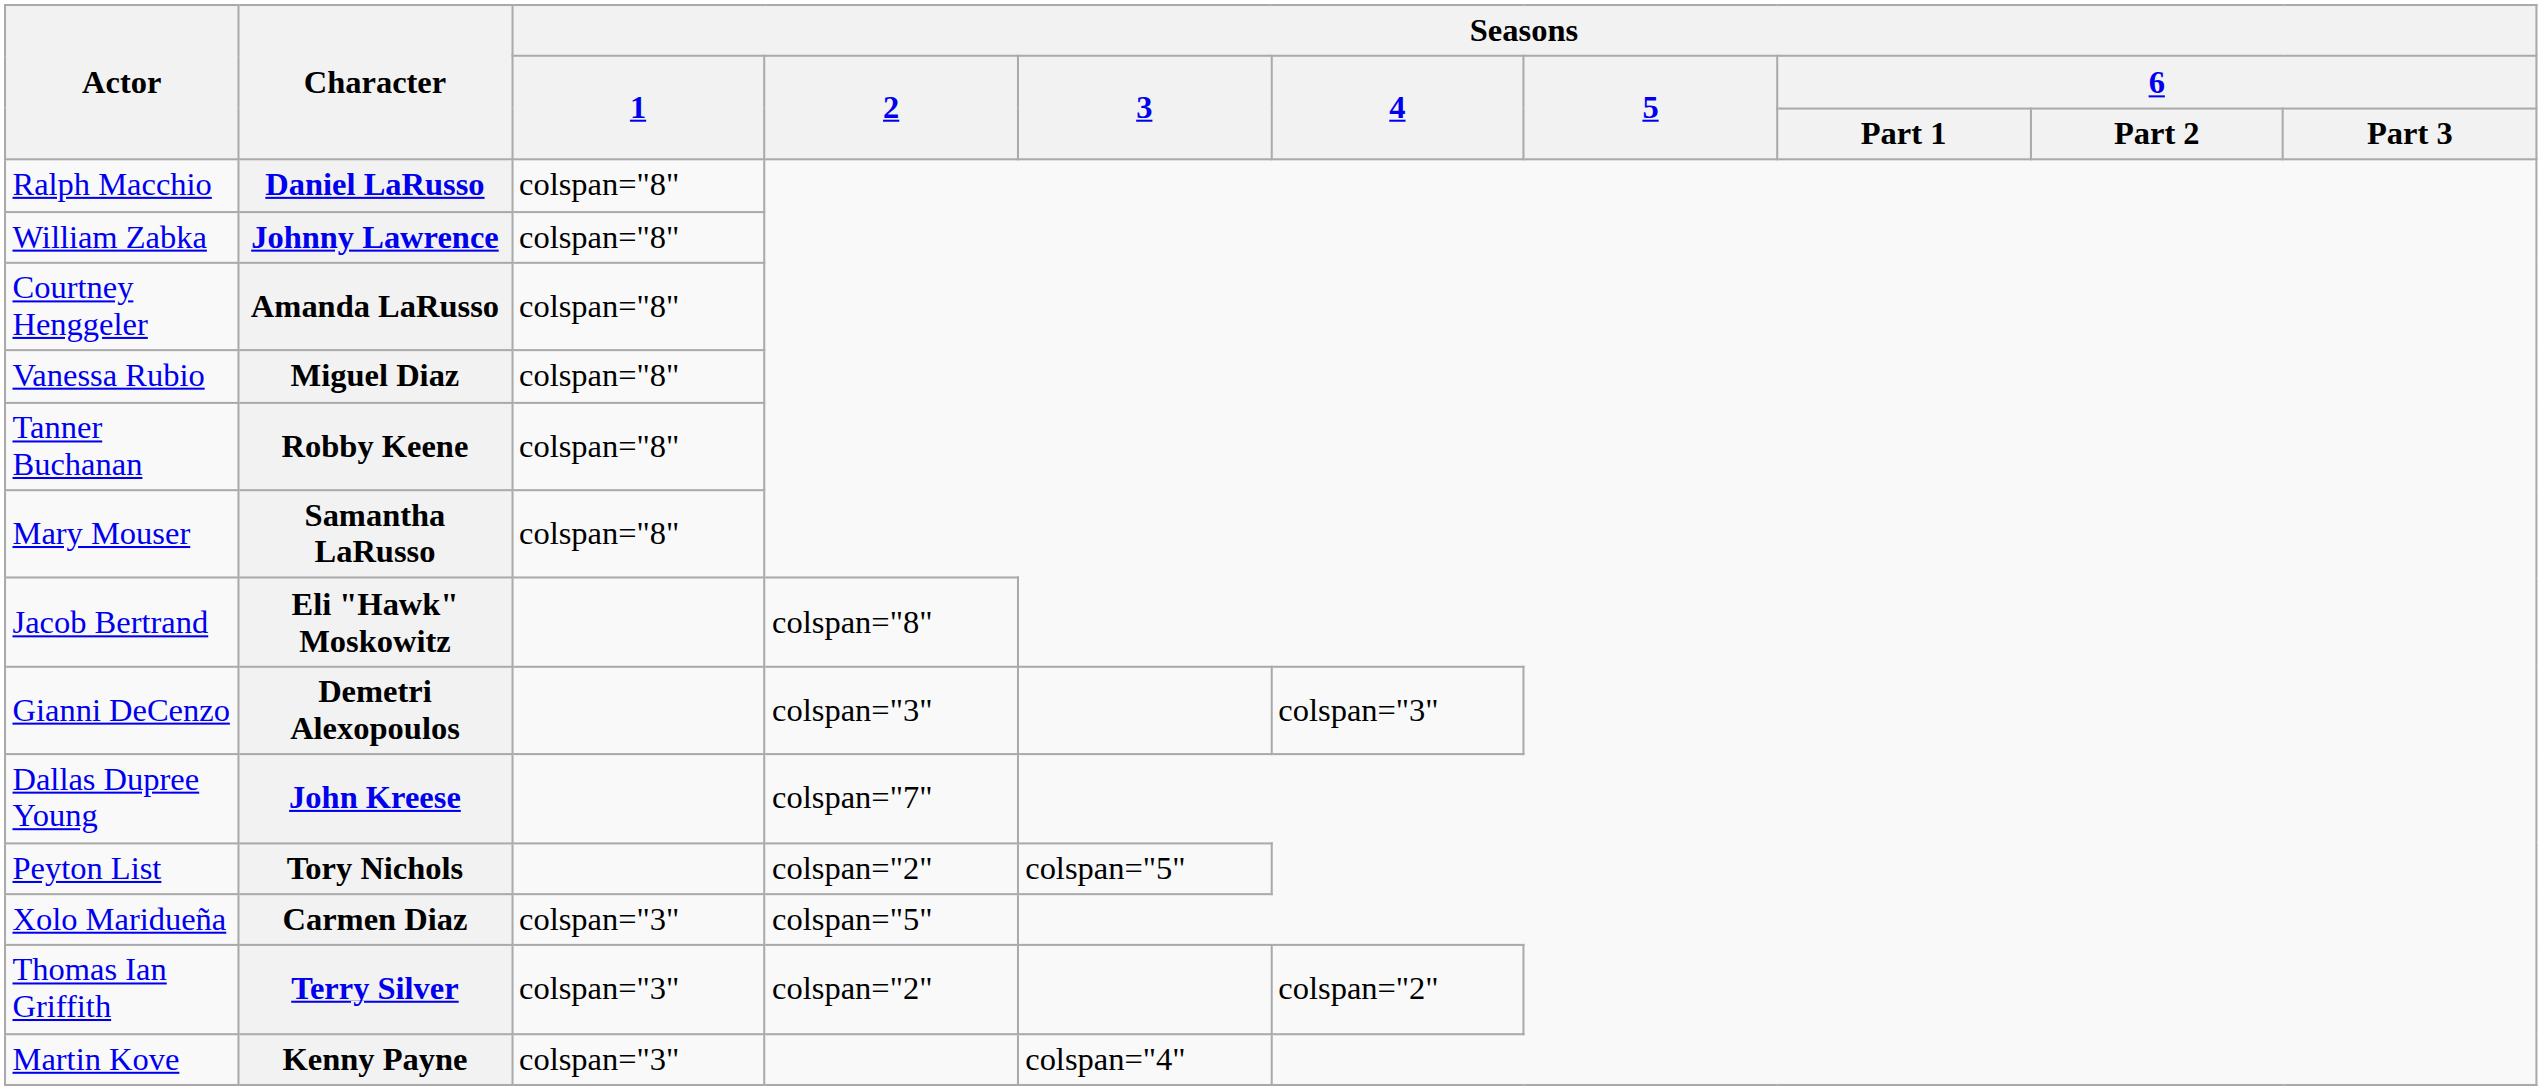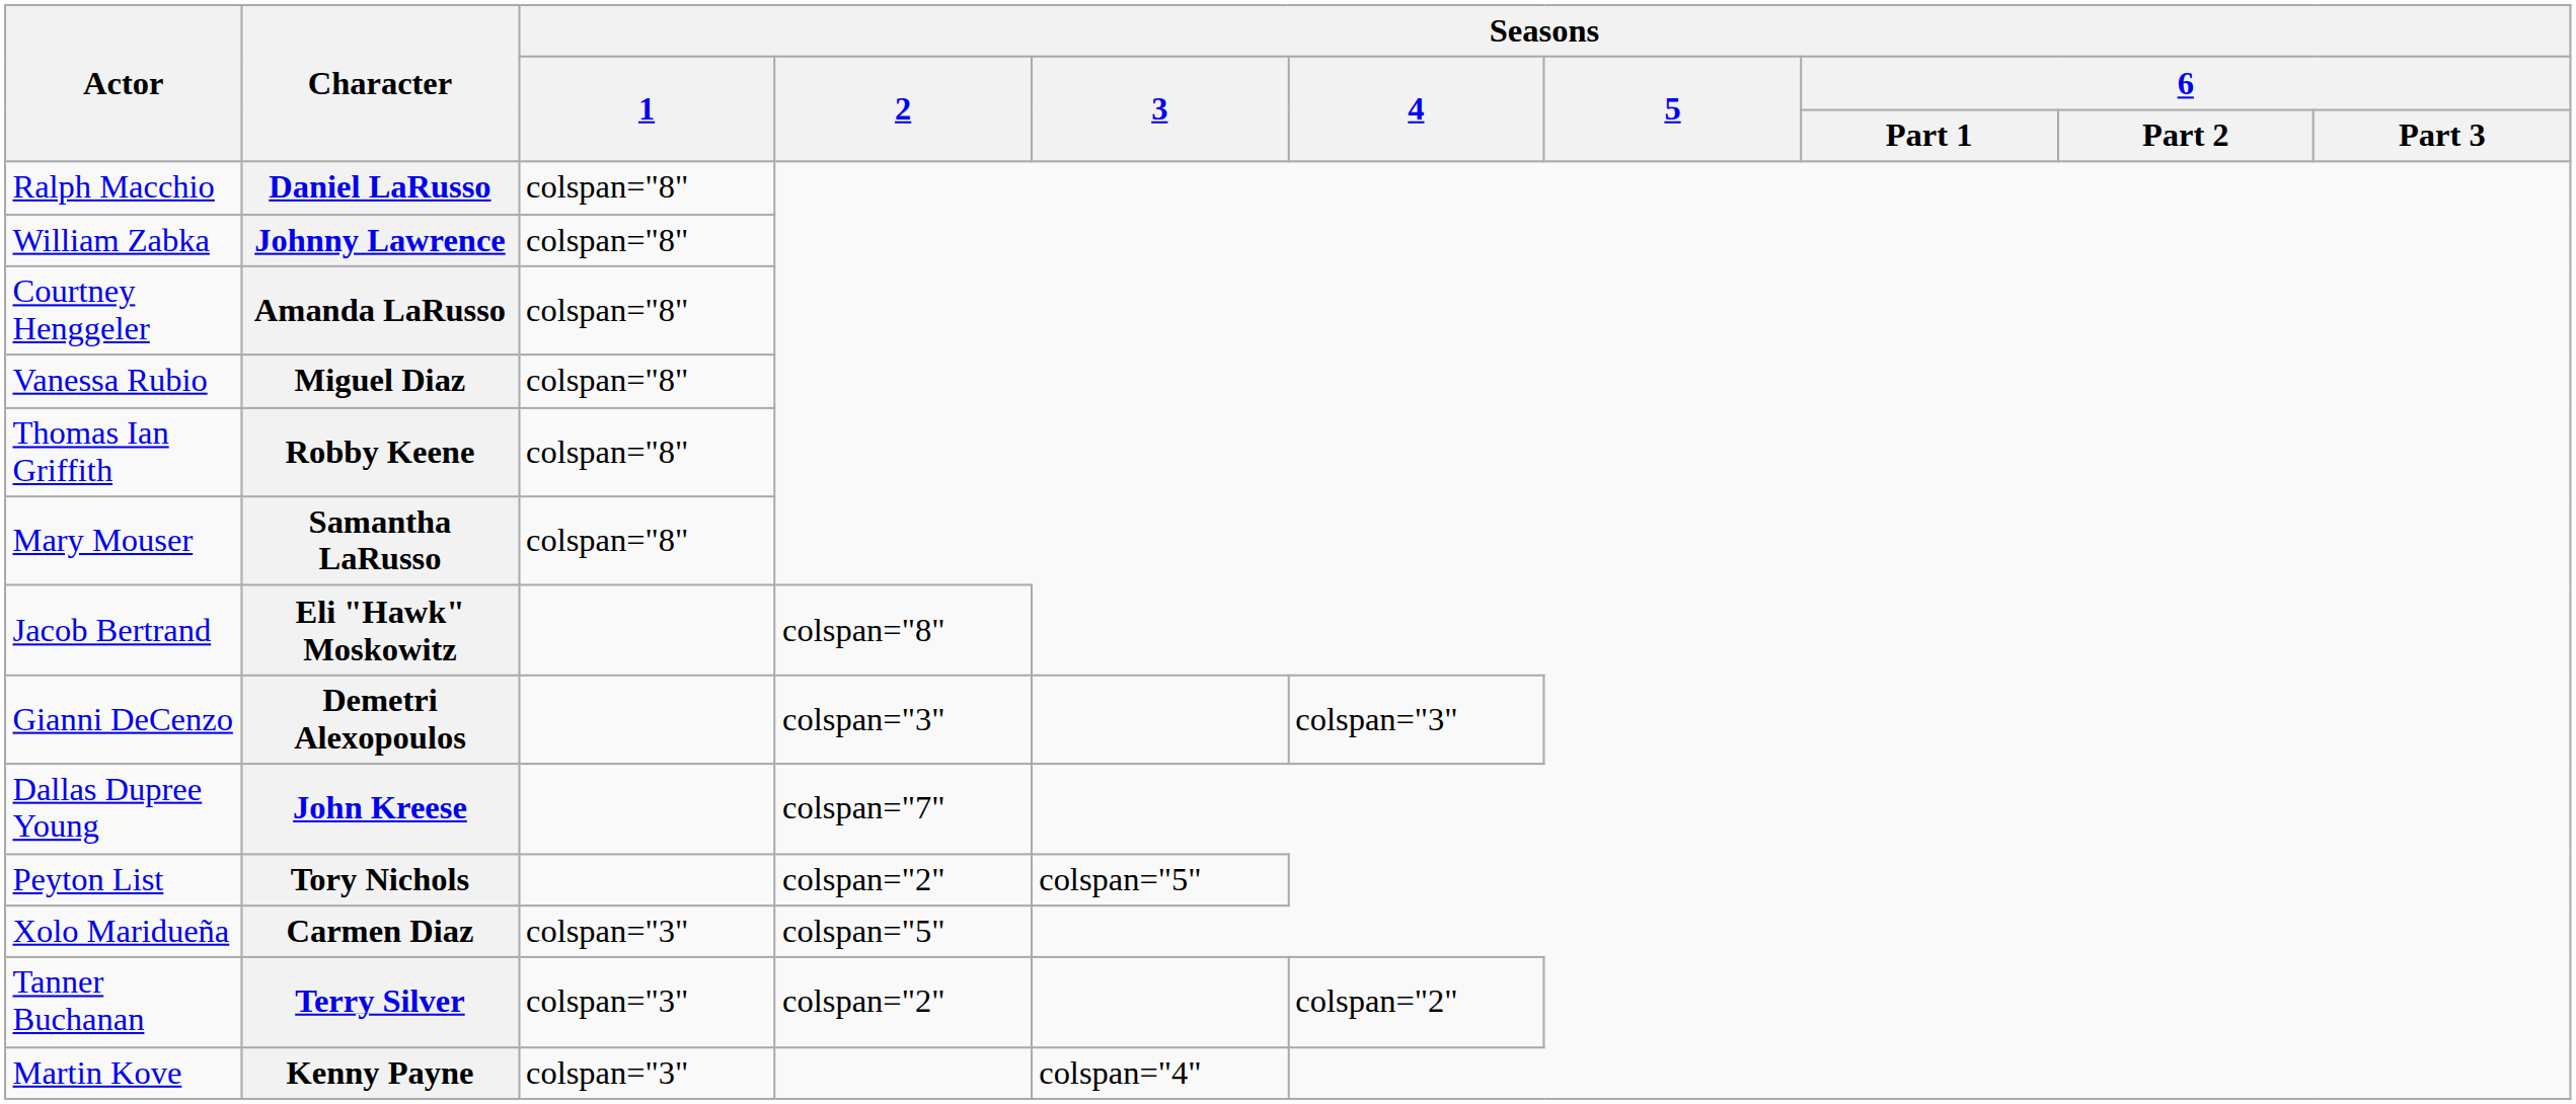 <table class="wikitable plainrowheaders" style="text-align:left;">
 <tr>
 <th rowspan="3" scope="col">Actor</th>
 <th rowspan="3" scope="col">Character</th>
 <th scope="col" colspan="8">Seasons</th>
 </tr>
 <tr>
 <th width="10%" rowspan="2"><a href='#'>1</a></th>
 <th width="10%" rowspan="2"><a href='#'>2</a></th>
 <th width="10%" rowspan="2"><a href='#'>3</a></th>
 <th width="10%" rowspan="2"><a href='#'>4</a></th>
 <th width="10%" rowspan="2"><a href='#'>5</a></th>
 <th width="20%" colspan="3"><a href='#'>6</a></th>
 </tr>
 <tr>
 <th width="10%">Part 1</th>
 <th width="10%">Part 2</th>
 <th width="10%">Part 3</th>
 </tr>
 <tr>
 <td><a href='#'>Ralph Macchio</a></td>
 <th scope="row"><a href='#'>Daniel LaRusso</a></th>
 <td>colspan="8" </td>
 </tr>
 <tr>
 <td><a href='#'>William Zabka</a></td>
 <th scope="row"><a href='#'>Johnny Lawrence</a></th>
 <td>colspan="8" </td>
 </tr>
 <tr>
 <td><a href='#'>Courtney Henggeler</a></td>
 <th scope="row">Amanda LaRusso</th>
 <td>colspan="8" </td>
 </tr>
 <tr>
 <td><a href='#'>Vanessa Rubio</a></td>
 <th scope="row">Miguel Diaz</th>
 <td>colspan="8" </td>
 </tr>
 <tr>
-<td><a href='#'>Tanner Buchanan</a></td>
+<td><a href='#'>Thomas Ian Griffith</a></td>
 <th scope="row">Robby Keene</th>
 <td>colspan="8" </td>
 </tr>
 <tr>
 <td><a href='#'>Mary Mouser</a></td>
 <th scope="row">Samantha LaRusso</th>
 <td>colspan="8" </td>
 </tr>
 <tr>
 <td><a href='#'>Jacob Bertrand</a></td>
 <th scope="row">Eli "Hawk" Moskowitz</th>
 <td></td>
 <td>colspan="8" </td>
 </tr>
 <tr>
 <td><a href='#'>Gianni DeCenzo</a></td>
 <th scope="row">Demetri Alexopoulos</th>
 <td></td>
 <td>colspan="3" </td>
 <td></td>
 <td>colspan="3" </td>
 </tr>
 <tr>
 <td><a href='#'>Dallas Dupree Young</a></td>
 <th scope="row"><a href='#'>John Kreese</a></th>
 <td></td>
 <td>colspan="7" </td>
 </tr>
 <tr>
 <td><a href='#'>Peyton List</a></td>
 <th scope="row">Tory Nichols</th>
 <td></td>
 <td>colspan="2" </td>
 <td>colspan="5" </td>
 </tr>
 <tr>
 <td><a href='#'>Xolo Maridueña</a></td>
 <th scope="row">Carmen Diaz</th>
 <td>colspan="3" </td>
 <td>colspan="5" </td>
 </tr>
 <tr>
-<td><a href='#'>Thomas Ian Griffith</a></td>
+<td><a href='#'>Tanner Buchanan</a></td>
 <th scope="row"><a href='#'>Terry Silver</a></th>
 <td>colspan="3" </td>
 <td>colspan="2" </td>
 <td></td>
 <td>colspan="2" </td>
 </tr>
 <tr>
 <td><a href='#'>Martin Kove</a></td>
 <th scope="row">Kenny Payne</th>
 <td>colspan="3" </td>
 <td></td>
 <td>colspan="4" <br></td>
 </tr>
 </table>
